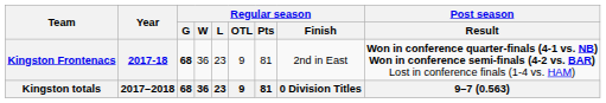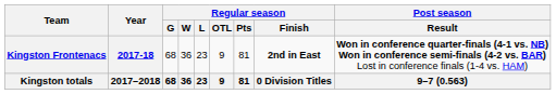 <table class="wikitable" style="font-size: 95%; text-align:center;">
 <tr>
 <th rowspan="2">Team</th>
 <th rowspan="2">Year</th>
 <th colspan="6"><a href='#'>Regular season</a></th>
 <th colspan="1"><a href='#'>Post season</a></th>
 </tr>
 <tr>
 <th>G</th>
 <th>W</th>
 <th>L</th>
 <th>OTL</th>
 <th>Pts</th>
 <th>Finish</th>
 <th>Result</th>
 </tr>
 <tr>
 <th><a href='#'>Kingston Frontenacs</a></th>
 <th><a href='#'>2017-18</a></th>
-<td><strong>68</strong></td>
+<td>68</td>
 <td>36</td>
 <td>23</td>
 <td>9</td>
 <td>81</td>
-<td>2nd in East</td>
+<td><strong>2nd in East</strong></td>
 <td><strong>Won in conference quarter-finals (4-1 vs. <a href='#'>NB</a>)</strong> <br> <strong>Won in conference semi-finals (4-2 vs. <a href='#'>BAR</a>)</strong> <br> Lost in conference finals (1-4 vs. <a href='#'>HAM</a>)</td>
 </tr>
 <tr align="centre" bgcolor="#dddddd">
 <th>Kingston totals</th>
 <th>2017–2018</th>
 <th>68</th>
 <th>36</th>
 <th>23</th>
 <th>9</th>
 <th>81</th>
 <th>0 Division Titles</th>
 <th>9–7 (0.563)</th>
 </tr>
 </table>
